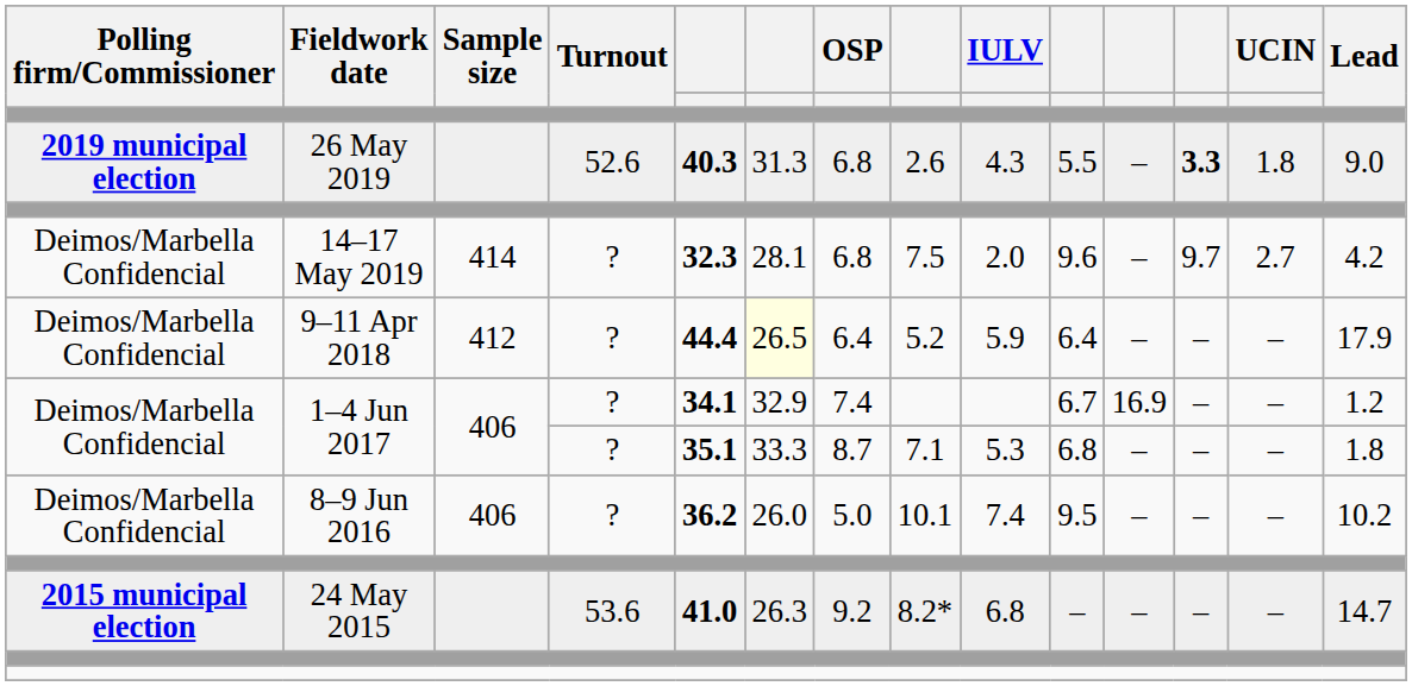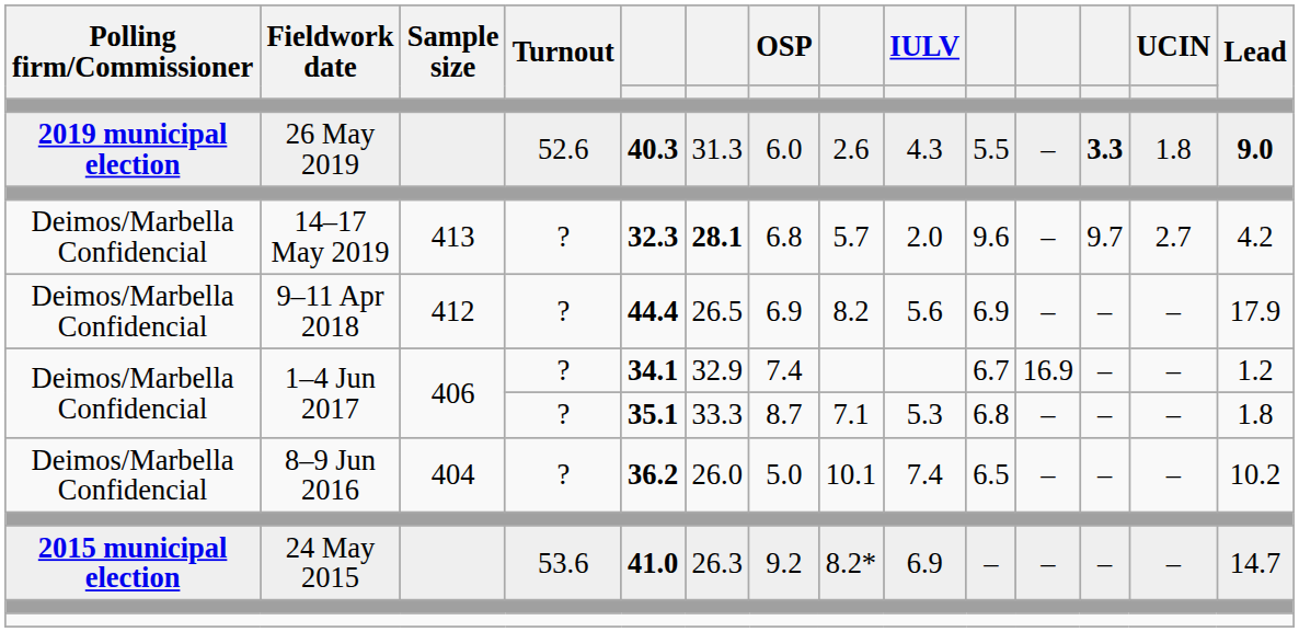 <table class="wikitable collapsible collapsed" style="text-align:center; font-size:95%; line-height:16px;">
 <tr style="height:42px;">
 <th style="width:250px;" rowspan="2">Polling firm/Commissioner</th>
 <th style="width:125px;" rowspan="2">Fieldwork date</th>
 <th style="width:50px;" rowspan="2">Sample size</th>
 <th style="width:45px;" rowspan="2">Turnout</th>
 <th style="width:35px;"></th>
 <th style="width:35px;"></th>
 <th style="width:35px;">OSP</th>
 <th style="width:35px;"></th>
 <th style="width:35px;"><a href='#'>IULV</a></th>
 <th style="width:35px;"></th>
 <th style="width:35px;"></th>
 <th style="width:35px;"></th>
 <th style="width:35px;">UCIN</th>
 <th style="width:30px;" rowspan="2">Lead</th>
 </tr>
 <tr>
 <th style="color:inherit;background:"></th>
 <th style="color:inherit;background:"></th>
 <th style="color:inherit;background:"></th>
 <th style="color:inherit;background:"></th>
 <th style="color:inherit;background:"></th>
 <th style="color:inherit;background:"></th>
 <th style="color:inherit;background:"></th>
 <th style="color:inherit;background:"></th>
 <th style="color:inherit;background:"></th>
 </tr>
 <tr>
 <td colspan="14" style="background:#A0A0A0"></td>
 </tr>
 <tr style="background:#EFEFEF;">
 <td><strong><a href='#'>2019 municipal election</a></strong></td>
 <td>26 May 2019</td>
 <td></td>
 <td>52.6</td>
 <td><strong>40.3</strong><br></td>
 <td>31.3<br></td>
-<td>6.8<br></td>
+<td>6.0<br></td>
 <td>2.6<br></td>
 <td>4.3<br></td>
 <td>5.5<br></td>
 <td>–</td>
 <td><strong>3.3<br></strong></td>
 <td>1.8<br></td>
-<td style="background:">9.0</td>
+<td style="background:"><strong>9.0</strong></td>
 </tr>
 <tr>
 <td colspan="14" style="background:#A0A0A0"></td>
 </tr>
 <tr>
 <td>Deimos/Marbella Confidencial</td>
 <td>14–17 May 2019</td>
-<td>414</td>
+<td>413</td>
 <td>?</td>
 <td><strong>32.3</strong><br></td>
-<td>28.1<br></td>
+<td><strong>28.1<br></strong></td>
 <td>6.8<br></td>
-<td>7.5<br></td>
+<td>5.7<br></td>
 <td>2.0<br></td>
 <td>9.6<br></td>
 <td>–</td>
 <td>9.7<br></td>
 <td>2.7<br></td>
 <td style="background:">4.2</td>
 </tr>
 <tr>
 <td>Deimos/Marbella Confidencial</td>
 <td>9–11 Apr 2018</td>
 <td>412</td>
 <td>?</td>
 <td><strong>44.4</strong><br></td>
-<td style="background: lightyellow;">26.5<br></td>
-<td>6.4<br></td>
-<td>5.2<br></td>
-<td>5.9<br></td>
-<td>6.4<br></td>
+<td>26.5<br></td>
+<td>6.9<br></td>
+<td>8.2<br></td>
+<td>5.6<br></td>
+<td>6.9<br></td>
 <td>–</td>
 <td>–</td>
 <td>–</td>
 <td style="background:">17.9</td>
 </tr>
 <tr>
 <td rowspan="2">Deimos/Marbella Confidencial</td>
 <td rowspan="2">1–4 Jun 2017</td>
 <td rowspan="2">406</td>
 <td>?</td>
 <td><strong>34.1</strong><br></td>
 <td>32.9<br></td>
 <td>7.4<br></td>
 <td></td>
 <td></td>
 <td>6.7<br></td>
 <td>16.9<br></td>
 <td>–</td>
 <td>–</td>
 <td style="background:">1.2</td>
 </tr>
 <tr>
 <td>?</td>
 <td><strong>35.1</strong><br></td>
 <td>33.3<br></td>
 <td>8.7<br></td>
 <td>7.1<br></td>
 <td>5.3<br></td>
 <td>6.8<br></td>
 <td>–</td>
 <td>–</td>
 <td>–</td>
 <td style="background:">1.8</td>
 </tr>
 <tr>
 <td>Deimos/Marbella Confidencial</td>
 <td>8–9 Jun 2016</td>
-<td>406</td>
+<td>404</td>
 <td>?</td>
 <td><strong>36.2</strong><br></td>
 <td>26.0<br></td>
 <td>5.0<br></td>
 <td>10.1<br></td>
 <td>7.4<br></td>
-<td>9.5<br></td>
+<td>6.5<br></td>
 <td>–</td>
 <td>–</td>
 <td>–</td>
 <td style="background:">10.2</td>
 </tr>
 <tr>
 <td colspan="14" style="background:#A0A0A0"></td>
 </tr>
 <tr style="background:#EFEFEF;">
 <td><strong><a href='#'>2015 municipal election</a></strong></td>
 <td>24 May 2015</td>
 <td></td>
 <td>53.6</td>
 <td><strong>41.0</strong><br></td>
 <td>26.3<br></td>
 <td>9.2<br></td>
 <td>8.2*<br></td>
-<td>6.8<br></td>
+<td>6.9<br></td>
 <td>–</td>
 <td>–</td>
 <td>–</td>
 <td>–</td>
 <td style="background:">14.7</td>
 </tr>
 <tr>
 <td colspan="14" style="background:#A0A0A0"></td>
 </tr>
 <tr>
 <td align="left" colspan="14"></td>
 </tr>
 </table>
